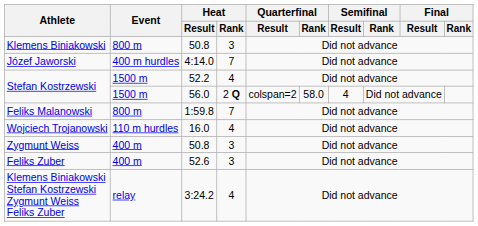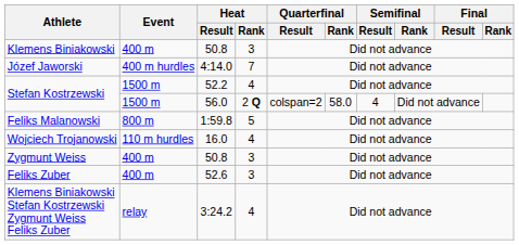 <table class="wikitable" style="font-size:90%">
 <tr>
 <th rowspan="2">Athlete</th>
 <th rowspan="2">Event</th>
 <th colspan="2">Heat</th>
 <th colspan="2">Quarterfinal</th>
 <th colspan="2">Semifinal</th>
 <th colspan="2">Final</th>
 </tr>
 <tr style="font-size:95%">
 <th>Result</th>
 <th>Rank</th>
 <th>Result</th>
 <th>Rank</th>
 <th>Result</th>
 <th>Rank</th>
 <th>Result</th>
 <th>Rank</th>
 </tr>
 <tr align=center>
 <td align=left><a href='#'>Klemens Biniakowski</a></td>
-<td align=left><a href='#'>800 m</a></td>
+<td align=left><a href='#'>400 m</a></td>
 <td>50.8</td>
 <td>3</td>
 <td colspan=6>Did not advance</td>
 </tr>
 <tr align=center>
 <td align=left><a href='#'>Józef Jaworski</a></td>
 <td align=left><a href='#'>400 m hurdles</a></td>
 <td>4:14.0</td>
 <td>7</td>
 <td colspan=6>Did not advance</td>
 </tr>
 <tr align=center>
 <td align=left rowspan=2><a href='#'>Stefan Kostrzewski</a></td>
 <td align=left><a href='#'>1500 m</a></td>
 <td>52.2</td>
 <td>4</td>
 <td colspan=6>Did not advance</td>
 </tr>
 <tr align=center>
 <td align=left><a href='#'>1500 m</a></td>
 <td>56.0</td>
 <td>2 <strong>Q</strong></td>
 <td>colspan=2 </td>
 <td>58.0</td>
 <td>4</td>
 <td colspan=2>Did not advance</td>
 </tr>
 <tr align=center>
 <td align=left><a href='#'>Feliks Malanowski</a></td>
 <td align=left><a href='#'>800 m</a></td>
 <td>1:59.8</td>
-<td>7</td>
+<td>5</td>
 <td colspan=6>Did not advance</td>
 </tr>
 <tr align=center>
 <td align=left><a href='#'>Wojciech Trojanowski</a></td>
 <td align=left><a href='#'>110 m hurdles</a></td>
 <td>16.0</td>
 <td>4</td>
 <td colspan=6>Did not advance</td>
 </tr>
 <tr align=center>
 <td align=left><a href='#'>Zygmunt Weiss</a></td>
 <td align=left><a href='#'>400 m</a></td>
 <td>50.8</td>
 <td>3</td>
 <td colspan=6>Did not advance</td>
 </tr>
 <tr align=center>
 <td align=left><a href='#'>Feliks Zuber</a></td>
 <td align=left><a href='#'>400 m</a></td>
 <td>52.6</td>
 <td>3</td>
 <td colspan=6>Did not advance</td>
 </tr>
 <tr align=center>
 <td align=left><a href='#'>Klemens Biniakowski</a><br><a href='#'>Stefan Kostrzewski</a><br><a href='#'>Zygmunt Weiss</a><br><a href='#'>Feliks Zuber</a></td>
 <td align=left><a href='#'> relay</a></td>
 <td>3:24.2</td>
 <td>4</td>
 <td colspan=6>Did not advance</td>
 </tr>
 </table>
